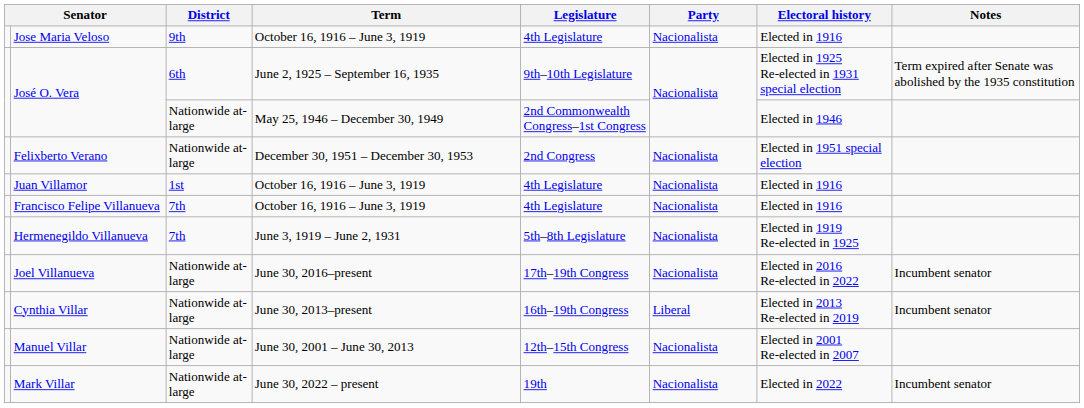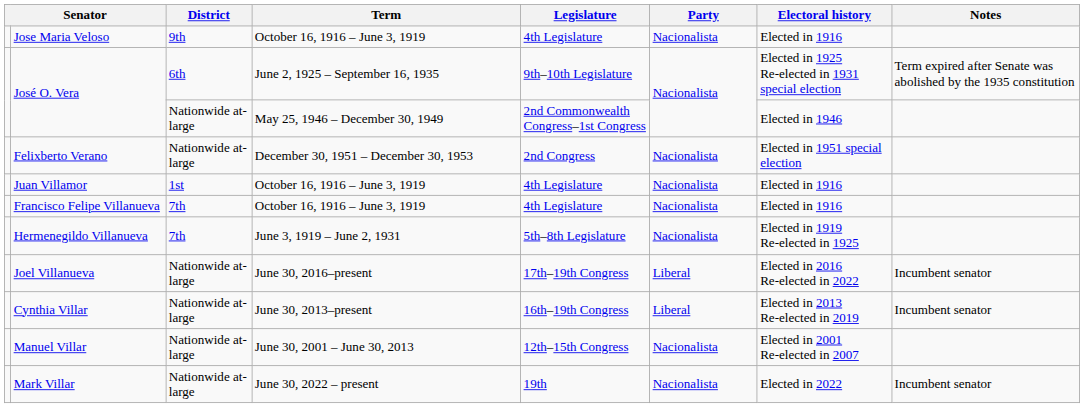 <table class="wikitable" style="font-size:95%" width=99%>
 <tr>
 <th colspan="2" width="15%">Senator</th>
 <th width="8%"><a href='#'>District</a></th>
 <th width="25%">Term</th>
 <th width="12%"><a href='#'>Legislature</a></th>
 <th width="10%"><a href='#'>Party</a></th>
 <th width="12.5%"><a href='#'>Electoral history</a></th>
 <th width="17.5%">Notes</th>
 </tr>
 <tr>
 <td style="background-color:"></td>
 <td><a href='#'>Jose Maria Veloso</a></td>
 <td><a href='#'>9th</a></td>
 <td>October 16, 1916 – June 3, 1919</td>
 <td><a href='#'>4th Legislature</a></td>
 <td><a href='#'>Nacionalista</a></td>
 <td>Elected in <a href='#'>1916</a></td>
 <td></td>
 </tr>
 <tr>
 <td rowspan="2" style="background-color:"></td>
 <td rowspan="2"><a href='#'>José O. Vera</a></td>
 <td><a href='#'>6th</a></td>
 <td>June 2, 1925 – September 16, 1935</td>
 <td><a href='#'>9th</a>–<a href='#'>10th Legislature</a></td>
 <td rowspan="2"><a href='#'>Nacionalista</a></td>
 <td>Elected in <a href='#'>1925</a><br>Re-elected in <a href='#'>1931 special election</a></td>
 <td>Term expired after Senate was abolished by the 1935 constitution</td>
 </tr>
 <tr>
 <td>Nationwide at-large</td>
 <td>May 25, 1946 – December 30, 1949</td>
 <td><a href='#'>2nd Commonwealth Congress</a>–<a href='#'>1st Congress</a></td>
 <td>Elected in <a href='#'>1946</a></td>
 <td></td>
 </tr>
 <tr>
 <td style="background-color:"></td>
 <td><a href='#'>Felixberto Verano</a></td>
 <td>Nationwide at-large</td>
 <td>December 30, 1951 – December 30, 1953</td>
 <td><a href='#'>2nd Congress</a></td>
 <td><a href='#'>Nacionalista</a></td>
 <td>Elected in <a href='#'>1951 special election</a></td>
 <td></td>
 </tr>
 <tr>
 <td style="background-color:"></td>
 <td><a href='#'>Juan Villamor</a></td>
 <td><a href='#'>1st</a></td>
 <td>October 16, 1916 – June 3, 1919</td>
 <td><a href='#'>4th Legislature</a></td>
 <td><a href='#'>Nacionalista</a></td>
 <td>Elected in <a href='#'>1916</a></td>
 <td></td>
 </tr>
 <tr>
 <td style="background-color:"></td>
 <td><a href='#'>Francisco Felipe Villanueva</a></td>
 <td><a href='#'>7th</a></td>
 <td>October 16, 1916 – June 3, 1919</td>
 <td><a href='#'>4th Legislature</a></td>
 <td><a href='#'>Nacionalista</a></td>
 <td>Elected in <a href='#'>1916</a></td>
 <td></td>
 </tr>
 <tr>
 <td style="background-color:"></td>
 <td><a href='#'>Hermenegildo Villanueva</a></td>
 <td><a href='#'>7th</a></td>
 <td>June 3, 1919 – June 2, 1931</td>
 <td><a href='#'>5th</a>–<a href='#'>8th Legislature</a></td>
 <td><a href='#'>Nacionalista</a></td>
 <td>Elected in <a href='#'>1919</a><br>Re-elected in <a href='#'>1925</a></td>
 <td></td>
 </tr>
 <tr>
 <td style="background-color:"></td>
 <td><a href='#'>Joel Villanueva</a></td>
 <td>Nationwide at-large</td>
 <td>June 30, 2016–present</td>
 <td><a href='#'>17th</a>–<a href='#'>19th Congress</a></td>
-<td><a href='#'>Nacionalista</a></td>
+<td><a href='#'>Liberal</a></td>
 <td>Elected in <a href='#'>2016</a><br>Re-elected in <a href='#'>2022</a></td>
 <td>Incumbent senator</td>
 </tr>
 <tr>
 <td style="background-color:"></td>
 <td><a href='#'>Cynthia Villar</a></td>
 <td>Nationwide at-large</td>
 <td>June 30, 2013–present</td>
 <td><a href='#'>16th</a>–<a href='#'>19th Congress</a></td>
 <td><a href='#'>Liberal</a></td>
 <td>Elected in <a href='#'>2013</a><br>Re-elected in <a href='#'>2019</a></td>
 <td>Incumbent senator</td>
 </tr>
 <tr>
 <td style="background-color:"></td>
 <td><a href='#'>Manuel Villar</a></td>
 <td>Nationwide at-large</td>
 <td>June 30, 2001 – June 30, 2013</td>
 <td><a href='#'>12th</a>–<a href='#'>15th Congress</a></td>
 <td><a href='#'>Nacionalista</a></td>
 <td>Elected in <a href='#'>2001</a><br>Re-elected in <a href='#'>2007</a></td>
 <td></td>
 </tr>
 <tr>
 <td style="background-color:"></td>
 <td><a href='#'>Mark Villar</a></td>
 <td>Nationwide at-large</td>
 <td>June 30, 2022 – present</td>
 <td><a href='#'>19th</a></td>
 <td><a href='#'>Nacionalista</a></td>
 <td>Elected in <a href='#'>2022</a></td>
 <td>Incumbent senator</td>
 </tr>
 </table>
